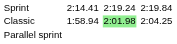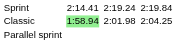 <table>
 <tr>
 <td>Sprint</td>
 <td></td>
 <td>2:14.41</td>
 <td></td>
 <td>2:19.24</td>
 <td></td>
 <td>2:19.84</td>
 </tr>
 <tr>
 <td>Classic</td>
 <td></td>
-<td>1:58.94</td>
+<td style="background: lightgreen;">1:58.94</td>
 <td></td>
-<td style="background: lightgreen;">2:01.98</td>
+<td>2:01.98</td>
 <td></td>
 <td>2:04.25</td>
 </tr>
 <tr>
 <td>Parallel sprint</td>
 <td colspan="2"></td>
 <td colspan="2"></td>
 <td colspan="2"></td>
 </tr>
 </table>
